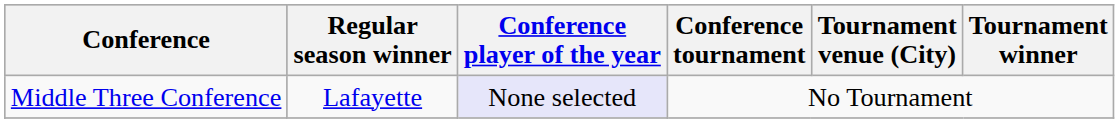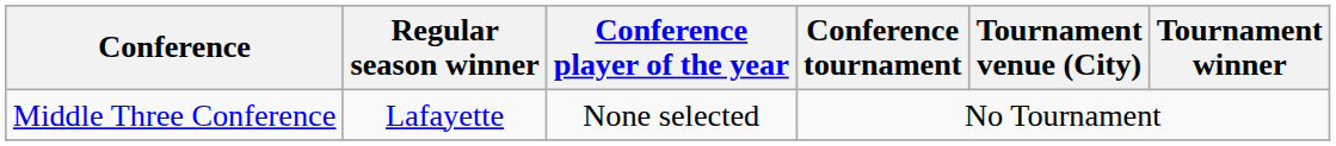 <table class="wikitable" style="text-align:center;">
 <tr>
 <th>Conference</th>
 <th>Regular <br> season winner</th>
 <th><a href='#'>Conference <br> player of the year</a></th>
 <th>Conference <br> tournament</th>
 <th>Tournament <br> venue (City)</th>
 <th>Tournament <br> winner</th>
 </tr>
 <tr>
 <td><a href='#'>Middle Three Conference</a></td>
 <td><a href='#'>Lafayette</a></td>
-<td style="background: lavender;">None selected</td>
+<td>None selected</td>
 <td colspan=3>No Tournament</td>
 </tr>
 </table>
